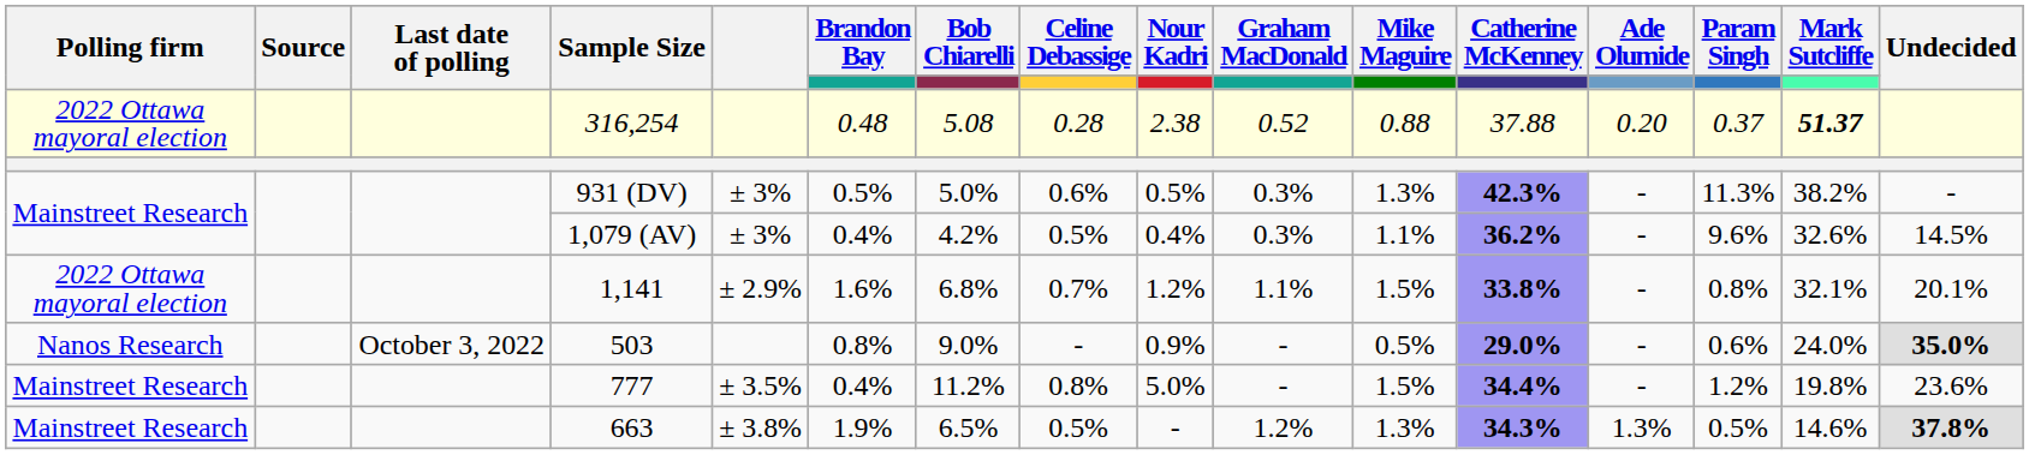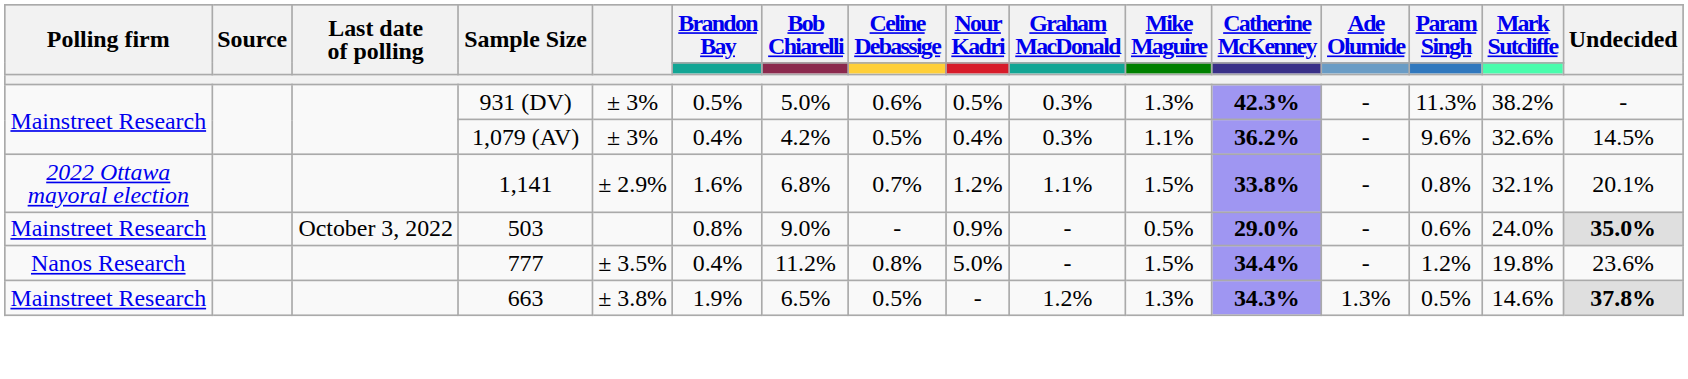 <table class="wikitable sortable tpl-blanktable" style="text-align:center; line-height:14px; font-size:90%;">
 <tr>
 <th rowspan="2">Polling firm</th>
 <th rowspan="2" class="unsortable">Source</th>
 <th rowspan="2">Last date<br>of polling</th>
 <th rowspan="2" class="unsortable">Sample Size</th>
 <th rowspan="2"></th>
 <th style="width:25px;letter-spacing:-1px;"><a href='#'>Brandon Bay</a></th>
 <th style="width:25px;letter-spacing:-1px;"><a href='#'>Bob Chiarelli</a></th>
 <th style="width:25px;letter-spacing:-1px;"><a href='#'>Celine Debassige</a></th>
 <th style="width:25px;letter-spacing:-1px;"><a href='#'>Nour Kadri</a></th>
 <th style="width:25px;letter-spacing:-1px;"><a href='#'>Graham MacDonald</a></th>
 <th style="width:25px;letter-spacing:-1px;"><a href='#'>Mike Maguire</a></th>
 <th style="width:25px;letter-spacing:-1px;"><a href='#'>Catherine McKenney</a></th>
 <th style="width:25px;letter-spacing:-1px;"><a href='#'>Ade Olumide</a></th>
 <th style="width:25px;letter-spacing:-1px;"><a href='#'>Param Singh</a></th>
 <th style="width:25px;letter-spacing:-1px;"><a href='#'>Mark Sutcliffe</a></th>
 <th rowspan="2" style="width:25px;">Undecided</th>
 </tr>
 <tr class="sorttop">
 <th style="background:#12A594;"></th>
 <th style="background:#8B294D;"></th>
 <th style="background:#FFCF38;"></th>
 <th style="background:#D71B29;"></th>
 <th style="background:#12A594;"></th>
 <th style="background:#008000;"></th>
 <th style="background:#393088;"></th>
 <th style="background:#6A9CC5;"></th>
 <th style="background:#3078BE;"></th>
 <th style="background:#49FDAD;"></th>
-</tr>
-<tr style="background:#FFFFDD;">
-<td><em><a href='#'>2022 Ottawa<br>mayoral election</a></em></td>
-<td></td>
-<td></td>
-<td><em>316,254</em></td>
-<td></td>
-<td><em>0.48</em></td>
-<td><em>5.08</em></td>
-<td><em>0.28</em></td>
-<td><em>2.38</em></td>
-<td><em>0.52</em></td>
-<td><em>0.88</em></td>
-<td><em>37.88</em></td>
-<td><em>0.20</em></td>
-<td><em>0.37</em></td>
-<td><strong><em>51.37</em></strong></td>
-<td></td>
 </tr>
 <tr>
 <th colspan="16"></th>
 </tr>
 <tr>
 <td rowspan="2"><a href='#'>Mainstreet Research</a></td>
 <td rowspan="2"></td>
 <td rowspan="2"></td>
 <td>931 (DV)</td>
 <td>± 3%</td>
 <td>0.5%</td>
 <td>5.0%</td>
 <td>0.6%</td>
 <td>0.5%</td>
 <td>0.3%</td>
 <td>1.3%</td>
 <td style="background-color:#9f96f2;"><strong>42.3%</strong></td>
 <td>-</td>
 <td>11.3%</td>
 <td>38.2%</td>
 <td>-</td>
 </tr>
 <tr>
 <td>1,079 (AV)</td>
 <td>± 3%</td>
 <td>0.4%</td>
 <td>4.2%</td>
 <td>0.5%</td>
 <td>0.4%</td>
 <td>0.3%</td>
 <td>1.1%</td>
 <td style="background-color:#9f96f2;"><strong>36.2%</strong></td>
 <td>-</td>
 <td>9.6%</td>
 <td>32.6%</td>
 <td>14.5%</td>
 </tr>
 <tr>
 <td><em><a href='#'>2022 Ottawa<br>mayoral election</a></em></td>
 <td></td>
 <td></td>
 <td>1,141</td>
 <td>± 2.9%</td>
 <td>1.6%</td>
 <td>6.8%</td>
 <td>0.7%</td>
 <td>1.2%</td>
 <td>1.1%</td>
 <td>1.5%</td>
 <td style="background-color:#9f96f2;"><strong>33.8%</strong></td>
 <td>-</td>
 <td>0.8%</td>
 <td>32.1%</td>
 <td>20.1%</td>
 </tr>
 <tr>
-<td><a href='#'>Nanos Research</a></td>
+<td><a href='#'>Mainstreet Research</a></td>
 <td></td>
 <td>October 3, 2022</td>
 <td>503</td>
 <td></td>
 <td>0.8%</td>
 <td>9.0%</td>
 <td>-</td>
 <td>0.9%</td>
 <td>-</td>
 <td>0.5%</td>
 <td style="background-color:#9f96f2;"><strong>29.0%</strong></td>
 <td>-</td>
 <td>0.6%</td>
 <td>24.0%</td>
 <td style="background-color:#dfdfdf;"><strong>35.0%</strong></td>
 </tr>
 <tr>
-<td><a href='#'>Mainstreet Research</a></td>
+<td><a href='#'>Nanos Research</a></td>
 <td></td>
 <td></td>
 <td>777</td>
 <td>± 3.5%</td>
 <td>0.4%</td>
 <td>11.2%</td>
 <td>0.8%</td>
 <td>5.0%</td>
 <td>-</td>
 <td>1.5%</td>
 <td style="background-color:#9f96f2;"><strong>34.4%</strong></td>
 <td>-</td>
 <td>1.2%</td>
 <td>19.8%</td>
 <td>23.6%</td>
 </tr>
 <tr>
 <td><a href='#'>Mainstreet Research</a></td>
 <td></td>
 <td></td>
 <td>663</td>
 <td>± 3.8%</td>
 <td>1.9%</td>
 <td>6.5%</td>
 <td>0.5%</td>
 <td>-</td>
 <td>1.2%</td>
 <td>1.3%</td>
 <td style="background-color:#9f96f2;"><strong>34.3%</strong></td>
 <td>1.3%</td>
 <td>0.5%</td>
 <td>14.6%</td>
 <td style="background-color:#dfdfdf;"><strong>37.8%</strong></td>
 </tr>
 </table>
